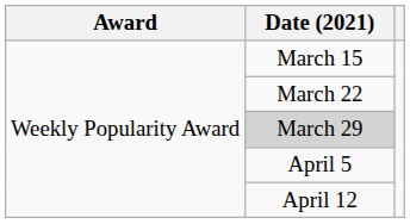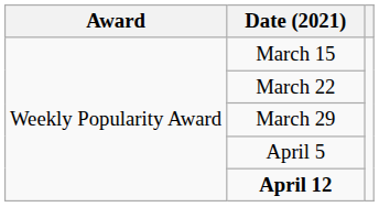 <table class="wikitable" style="table-layout: fixed; margin-right:0; text-align:center">
 <tr>
 <th>Award</th>
 <th style="width:100px;">Date (2021)</th>
 <th></th>
 </tr>
 <tr>
 <td rowspan="5" align="center">Weekly Popularity Award</td>
 <td align="center">March 15</td>
 <td rowspan="5" align="center"></td>
 </tr>
 <tr>
 <td align="center">March 22</td>
 </tr>
 <tr>
-<td align="center" style="background: lightgrey;">March 29</td>
+<td align="center">March 29</td>
 </tr>
 <tr>
 <td align="center">April 5</td>
 </tr>
 <tr>
-<td align="center">April 12</td>
+<td align="center"><strong>April 12</strong></td>
 </tr>
 </table>
